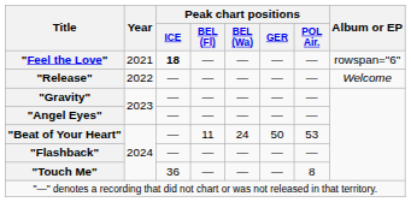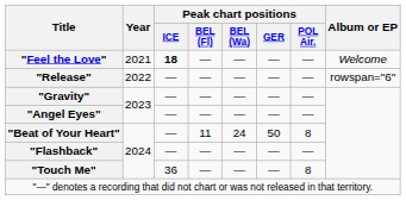 <table class="wikitable plainrowheaders" style="text-align:center;">
 <tr>
 <th scope="col" rowspan="2">Title</th>
 <th scope="col" rowspan="2">Year</th>
 <th scope="col" colspan="5">Peak chart positions</th>
 <th scope="col" rowspan="2">Album or EP</th>
 </tr>
 <tr>
 <th scope="col" style="width:3em;font-size:85%;"><a href='#'>ICE</a><br></th>
 <th scope="col" style="width:3em;font-size:85%;"><a href='#'>BEL<br>(Fl)</a><br></th>
 <th scope="col" style="width:3em;font-size:85%;"><a href='#'>BEL<br>(Wa)</a><br></th>
 <th scope="col" style="width:3em;font-size:85%;"><a href='#'>GER</a><br></th>
 <th scope="col" style="width:3em;font-size:85%;"><a href='#'>POL<br>Air.</a><br></th>
 </tr>
 <tr>
 <th scope="row">"<a href='#'>Feel the Love</a>"<br></th>
 <td>2021</td>
 <td><strong>18</strong></td>
 <td>—</td>
 <td>—</td>
 <td>—</td>
 <td>—</td>
-<td>rowspan="6" </td>
+<td><em>Welcome</em></td>
 </tr>
 <tr>
 <th scope="row">"Release"<br></th>
 <td>2022</td>
 <td>—</td>
 <td>—</td>
 <td>—</td>
 <td>—</td>
 <td>—</td>
-<td><em>Welcome</em></td>
+<td>rowspan="6" </td>
 </tr>
 <tr>
 <th scope="row">"Gravity"<br></th>
 <td rowspan="2">2023</td>
 <td>—</td>
 <td>—</td>
 <td>—</td>
 <td>—</td>
 <td>—</td>
 </tr>
 <tr>
 <th scope="row">"Angel Eyes"</th>
 <td>—</td>
 <td>—</td>
 <td>—</td>
 <td>—</td>
 <td>—</td>
 </tr>
 <tr>
 <th scope="row">"Beat of Your Heart"<br></th>
 <td rowspan="3">2024</td>
 <td>—</td>
 <td>11</td>
 <td>24</td>
 <td>50</td>
-<td>53</td>
+<td>8</td>
 </tr>
 <tr>
 <th scope="row">"Flashback"</th>
 <td>—</td>
 <td>—</td>
 <td>—</td>
 <td>—</td>
 <td>—</td>
 </tr>
 <tr>
 <th scope="row">"Touch Me"</th>
 <td>36</td>
 <td>—</td>
 <td>—</td>
 <td>—</td>
 <td>8</td>
 </tr>
 <tr>
 <td colspan="8" style="font-size:85%">"—" denotes a recording that did not chart or was not released in that territory.</td>
 </tr>
 </table>
